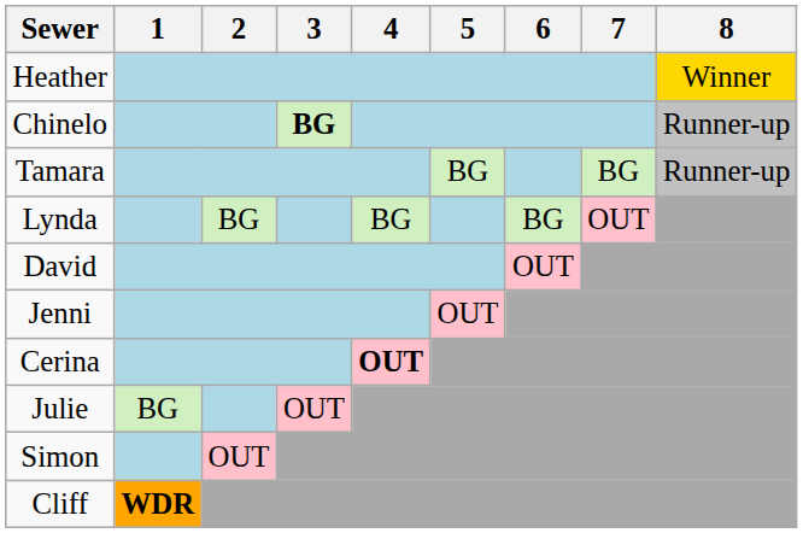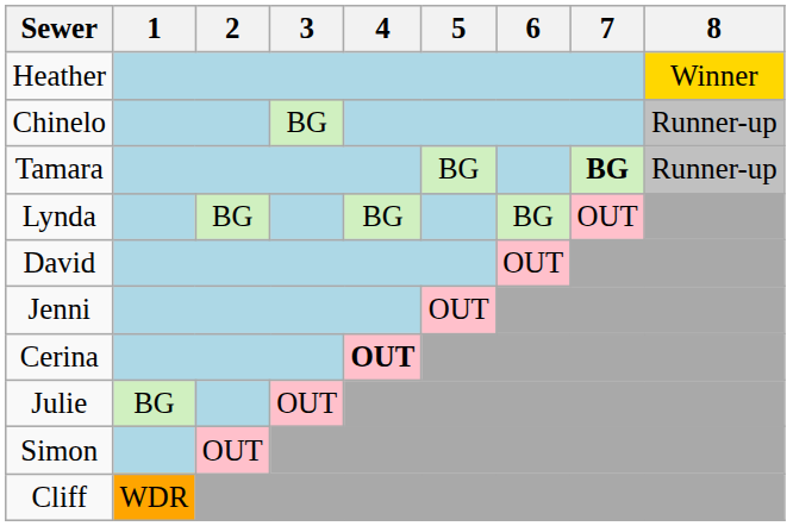 <table class="wikitable" style="text-align:center">
 <tr>
 <th>Sewer</th>
 <th>1</th>
 <th>2</th>
 <th>3</th>
 <th>4</th>
 <th>5</th>
 <th>6</th>
 <th>7</th>
 <th>8</th>
 </tr>
 <tr>
 <td>Heather</td>
 <td colspan="7" style="background:Lightblue;"></td>
 <td style="background:gold;">Winner</td>
 </tr>
 <tr>
 <td>Chinelo</td>
 <td colspan="2" style="background:Lightblue;"></td>
-<td style="background:#d0f0c0;"><strong>BG</strong></td>
+<td style="background:#d0f0c0;">BG</td>
 <td colspan="4" style="background:Lightblue;"></td>
 <td style="background:silver;">Runner-up</td>
 </tr>
 <tr>
 <td>Tamara</td>
 <td colspan="4" style="background:Lightblue;"></td>
 <td style="background:#d0f0c0;">BG</td>
 <td style="background:Lightblue;"></td>
-<td style="background:#d0f0c0;">BG</td>
+<td style="background:#d0f0c0;"><strong>BG</strong></td>
 <td style="background:silver;">Runner-up</td>
 </tr>
 <tr>
 <td>Lynda</td>
 <td style="background:Lightblue;"></td>
 <td style="background:#d0f0c0;">BG</td>
 <td style="background:Lightblue;"></td>
 <td style="background:#d0f0c0;">BG</td>
 <td style="background:Lightblue;"></td>
 <td style="background:#d0f0c0;">BG</td>
 <td style="background:pink;">OUT</td>
 <td style="background:darkgrey;"></td>
 </tr>
 <tr>
 <td>David</td>
 <td colspan="5" style="background:Lightblue;"></td>
 <td style="background:pink;">OUT</td>
 <td colspan="3" style="background:darkgrey;"></td>
 </tr>
 <tr>
 <td>Jenni</td>
 <td colspan="4" style="background:Lightblue;"></td>
 <td style="background:pink;">OUT</td>
 <td colspan="4" style="background:darkgrey;"></td>
 </tr>
 <tr>
 <td>Cerina</td>
 <td colspan="3" style="background:Lightblue;"></td>
 <td style="background:pink;"><strong>OUT</strong></td>
 <td colspan="5" style="background:darkgrey;"></td>
 </tr>
 <tr>
 <td>Julie</td>
 <td style="background:#d0f0c0;">BG</td>
 <td style="background:Lightblue;"></td>
 <td style="background:pink;">OUT</td>
 <td colspan="6" style="background:darkgrey;"></td>
 </tr>
 <tr>
 <td>Simon</td>
 <td style="background:Lightblue;"></td>
 <td style="background:pink;">OUT</td>
 <td colspan="7" style="background:darkgrey;"></td>
 </tr>
 <tr>
 <td>Cliff</td>
-<td style="background:Orange;"><strong>WDR</strong></td>
+<td style="background:Orange;">WDR</td>
 <td colspan="7" style="background:darkgrey;"></td>
 </tr>
 </table>
